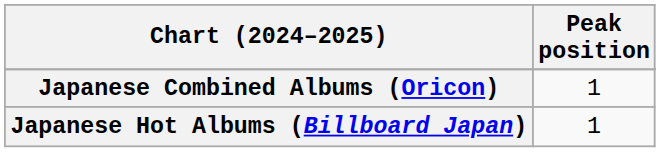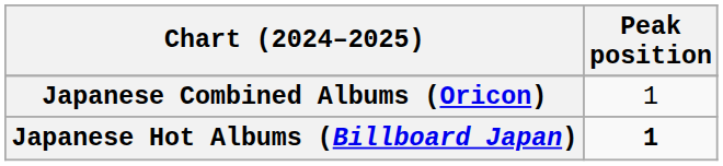 <table class="wikitable sortable plainrowheaders" style="text-align:center">
 <tr>
 <th scope="col">Chart (2024–2025)</th>
 <th scope="col">Peak<br>position</th>
 </tr>
 <tr>
 </tr>
 <tr>
 <th scope="row">Japanese Combined Albums (<a href='#'>Oricon</a>)</th>
 <td>1</td>
 </tr>
 <tr>
 <th scope="row">Japanese Hot Albums (<em><a href='#'>Billboard Japan</a></em>)</th>
-<td>1</td>
+<td><strong>1</strong></td>
 </tr>
 </table>
